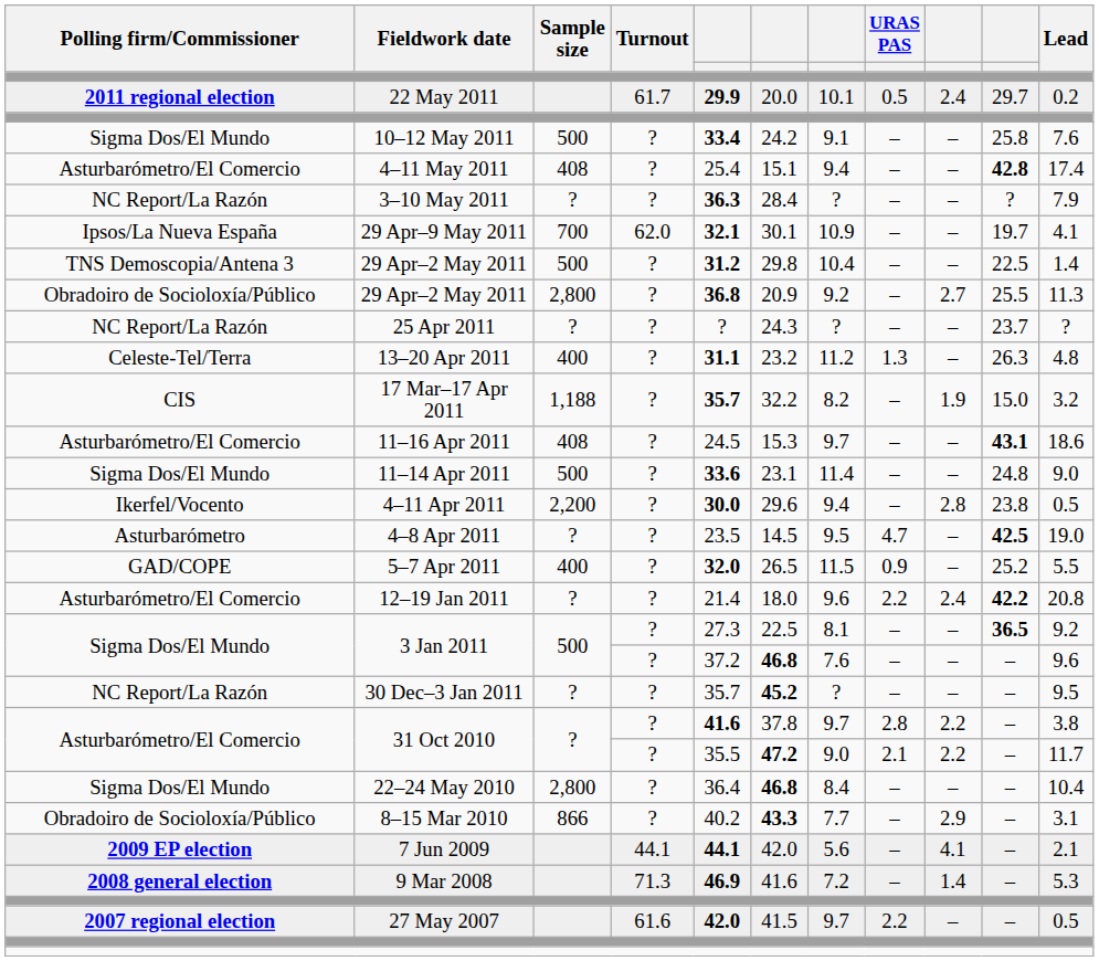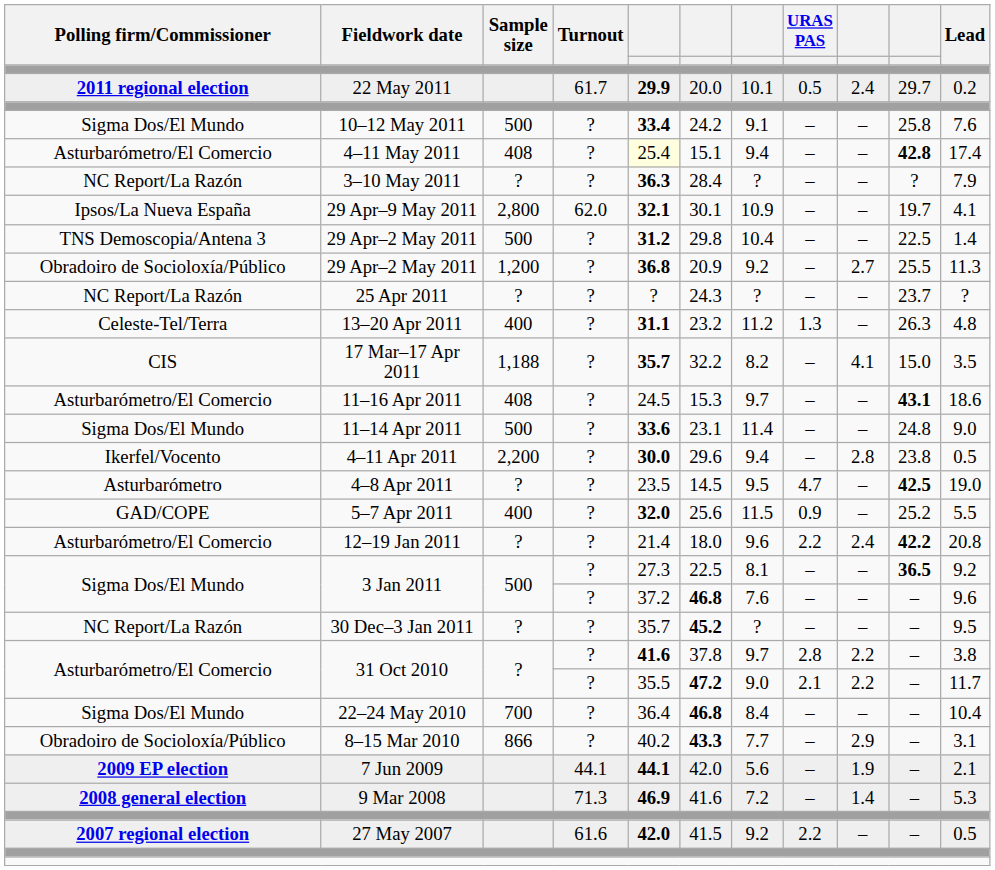 <table class="wikitable collapsible collapsed" style="text-align:center; font-size:95%; line-height:16px;">
 <tr style="height:42px;">
 <th style="width:250px;" rowspan="2">Polling firm/Commissioner</th>
 <th style="width:125px;" rowspan="2">Fieldwork date</th>
 <th style="width:50px;" rowspan="2">Sample size</th>
 <th style="width:45px;" rowspan="2">Turnout</th>
 <th style="width:35px;"></th>
 <th style="width:35px;"></th>
 <th style="width:35px;"></th>
 <th style="width:35px; font-size:90%;"><a href='#'>URAS</a><br><a href='#'>PAS</a></th>
 <th style="width:35px;"></th>
 <th style="width:35px;"></th>
 <th style="width:30px;" rowspan="2">Lead</th>
 </tr>
 <tr>
 <th style="color:inherit;background:"></th>
 <th style="color:inherit;background:"></th>
 <th style="color:inherit;background:"></th>
 <th style="color:inherit;background:"></th>
 <th style="color:inherit;background:"></th>
 <th style="color:inherit;background:"></th>
 </tr>
 <tr>
 <td colspan="11" style="background:#A0A0A0"></td>
 </tr>
 <tr style="background:#EFEFEF;">
 <td><strong><a href='#'>2011 regional election</a></strong></td>
 <td>22 May 2011</td>
 <td></td>
 <td>61.7</td>
 <td><strong>29.9</strong><br></td>
 <td>20.0<br></td>
 <td>10.1<br></td>
 <td>0.5<br></td>
 <td>2.4<br></td>
 <td>29.7<br></td>
 <td style="background:">0.2</td>
 </tr>
 <tr>
 <td colspan="11" style="background:#A0A0A0"></td>
 </tr>
 <tr>
 <td>Sigma Dos/El Mundo</td>
 <td>10–12 May 2011</td>
 <td>500</td>
 <td>?</td>
 <td><strong>33.4</strong><br></td>
 <td>24.2<br></td>
 <td>9.1<br></td>
 <td>–</td>
 <td>–</td>
 <td>25.8<br></td>
 <td style="background:">7.6</td>
 </tr>
 <tr>
 <td>Asturbarómetro/El Comercio</td>
 <td>4–11 May 2011</td>
 <td>408</td>
 <td>?</td>
-<td>25.4<br></td>
+<td style="background: lightyellow;">25.4<br></td>
 <td>15.1<br></td>
 <td>9.4<br></td>
 <td>–</td>
 <td>–</td>
 <td><strong>42.8</strong><br></td>
 <td style="background:">17.4</td>
 </tr>
 <tr>
 <td>NC Report/La Razón</td>
 <td>3–10 May 2011</td>
 <td>?</td>
 <td>?</td>
 <td><strong>36.3</strong><br></td>
 <td>28.4<br></td>
 <td>?<br></td>
 <td>–</td>
 <td>–</td>
 <td>?<br></td>
 <td style="background:">7.9</td>
 </tr>
 <tr>
 <td>Ipsos/La Nueva España</td>
 <td>29 Apr–9 May 2011</td>
-<td>700</td>
+<td>2,800</td>
 <td>62.0</td>
 <td><strong>32.1</strong><br></td>
 <td>30.1<br></td>
 <td>10.9<br></td>
 <td>–</td>
 <td>–</td>
 <td>19.7<br></td>
 <td style="background:">4.1</td>
 </tr>
 <tr>
 <td>TNS Demoscopia/Antena 3</td>
 <td>29 Apr–2 May 2011</td>
 <td>500</td>
 <td>?</td>
 <td><strong>31.2</strong><br></td>
 <td>29.8<br></td>
 <td>10.4<br></td>
 <td>–</td>
 <td>–</td>
 <td>22.5<br></td>
 <td style="background:">1.4</td>
 </tr>
 <tr>
 <td>Obradoiro de Socioloxía/Público</td>
 <td>29 Apr–2 May 2011</td>
-<td>2,800</td>
+<td>1,200</td>
 <td>?</td>
 <td><strong>36.8</strong><br></td>
 <td>20.9<br></td>
 <td>9.2<br></td>
 <td>–</td>
 <td>2.7<br></td>
 <td>25.5<br></td>
 <td style="background:">11.3</td>
 </tr>
 <tr>
 <td>NC Report/La Razón</td>
 <td>25 Apr 2011</td>
 <td>?</td>
 <td>?</td>
 <td>?<br></td>
 <td>24.3<br></td>
 <td>?<br></td>
 <td>–</td>
 <td>–</td>
 <td>23.7<br></td>
 <td style="background:">?</td>
 </tr>
 <tr>
 <td>Celeste-Tel/Terra</td>
 <td>13–20 Apr 2011</td>
 <td>400</td>
 <td>?</td>
 <td><strong>31.1</strong><br></td>
 <td>23.2<br></td>
 <td>11.2<br></td>
 <td>1.3<br></td>
 <td>–</td>
 <td>26.3<br></td>
 <td style="background:">4.8</td>
 </tr>
 <tr>
 <td>CIS</td>
 <td>17 Mar–17 Apr 2011</td>
 <td>1,188</td>
 <td>?</td>
 <td><strong>35.7</strong><br></td>
 <td>32.2<br></td>
 <td>8.2<br></td>
 <td>–</td>
-<td>1.9<br></td>
+<td>4.1<br></td>
 <td>15.0<br></td>
-<td style="background:">3.2</td>
+<td style="background:">3.5</td>
 </tr>
 <tr>
 <td>Asturbarómetro/El Comercio</td>
 <td>11–16 Apr 2011</td>
 <td>408</td>
 <td>?</td>
 <td>24.5<br></td>
 <td>15.3<br></td>
 <td>9.7<br></td>
 <td>–</td>
 <td>–</td>
 <td><strong>43.1</strong><br></td>
 <td style="background:">18.6</td>
 </tr>
 <tr>
 <td>Sigma Dos/El Mundo</td>
 <td>11–14 Apr 2011</td>
 <td>500</td>
 <td>?</td>
 <td><strong>33.6</strong><br></td>
 <td>23.1<br></td>
 <td>11.4<br></td>
 <td>–</td>
 <td>–</td>
 <td>24.8<br></td>
 <td style="background:">9.0</td>
 </tr>
 <tr>
 <td>Ikerfel/Vocento</td>
 <td>4–11 Apr 2011</td>
 <td>2,200</td>
 <td>?</td>
 <td><strong>30.0</strong><br></td>
 <td>29.6<br></td>
 <td>9.4<br></td>
 <td>–</td>
 <td>2.8<br></td>
 <td>23.8<br></td>
 <td style="background:">0.5</td>
 </tr>
 <tr>
 <td>Asturbarómetro</td>
 <td>4–8 Apr 2011</td>
 <td>?</td>
 <td>?</td>
 <td>23.5<br></td>
 <td>14.5<br></td>
 <td>9.5<br></td>
 <td>4.7<br></td>
 <td>–</td>
 <td><strong>42.5</strong><br></td>
 <td style="background:">19.0</td>
 </tr>
 <tr>
 <td>GAD/COPE</td>
 <td>5–7 Apr 2011</td>
 <td>400</td>
 <td>?</td>
 <td><strong>32.0</strong><br></td>
-<td>26.5<br></td>
+<td>25.6<br></td>
 <td>11.5<br></td>
 <td>0.9<br></td>
 <td>–</td>
 <td>25.2<br></td>
 <td style="background:">5.5</td>
 </tr>
 <tr>
 <td>Asturbarómetro/El Comercio</td>
 <td>12–19 Jan 2011</td>
 <td>?</td>
 <td>?</td>
 <td>21.4</td>
 <td>18.0</td>
 <td>9.6</td>
 <td>2.2</td>
 <td>2.4</td>
 <td><strong>42.2</strong></td>
 <td style="background:">20.8</td>
 </tr>
 <tr>
 <td rowspan="2">Sigma Dos/El Mundo</td>
 <td rowspan="2">3 Jan 2011</td>
 <td rowspan="2">500</td>
 <td>?</td>
 <td>27.3<br></td>
 <td>22.5<br></td>
 <td>8.1<br></td>
 <td>–</td>
 <td>–</td>
 <td><strong>36.5</strong><br></td>
 <td style="background:">9.2</td>
 </tr>
 <tr>
 <td>?</td>
 <td>37.2<br></td>
 <td><strong>46.8</strong><br></td>
 <td>7.6<br></td>
 <td>–</td>
 <td>–</td>
 <td>–</td>
 <td style="background:">9.6</td>
 </tr>
 <tr>
 <td>NC Report/La Razón</td>
 <td>30 Dec–3 Jan 2011</td>
 <td>?</td>
 <td>?</td>
 <td>35.7<br></td>
 <td><strong>45.2</strong><br></td>
 <td>?<br></td>
 <td>–</td>
 <td>–</td>
 <td>–</td>
 <td style="background:">9.5</td>
 </tr>
 <tr>
 <td rowspan="2">Asturbarómetro/El Comercio</td>
 <td rowspan="2">31 Oct 2010</td>
 <td rowspan="2">?</td>
 <td>?</td>
 <td><strong>41.6</strong></td>
 <td>37.8</td>
 <td>9.7</td>
 <td>2.8</td>
 <td>2.2</td>
 <td>–</td>
 <td style="background:">3.8</td>
 </tr>
 <tr>
 <td>?</td>
 <td>35.5</td>
 <td><strong>47.2</strong></td>
 <td>9.0</td>
 <td>2.1</td>
 <td>2.2</td>
 <td>–</td>
 <td style="background:">11.7</td>
 </tr>
 <tr>
 <td>Sigma Dos/El Mundo</td>
 <td>22–24 May 2010</td>
-<td>2,800</td>
+<td>700</td>
 <td>?</td>
 <td>36.4<br></td>
 <td><strong>46.8</strong><br></td>
 <td>8.4<br></td>
 <td>–</td>
 <td>–</td>
 <td>–</td>
 <td style="background:">10.4</td>
 </tr>
 <tr>
 <td>Obradoiro de Socioloxía/Público</td>
 <td>8–15 Mar 2010</td>
 <td>866</td>
 <td>?</td>
 <td>40.2<br></td>
 <td><strong>43.3</strong><br></td>
 <td>7.7<br></td>
 <td>–</td>
 <td>2.9<br></td>
 <td>–</td>
 <td style="background:">3.1</td>
 </tr>
 <tr style="background:#EFEFEF;">
 <td><strong><a href='#'>2009 EP election</a></strong></td>
 <td>7 Jun 2009</td>
 <td></td>
 <td>44.1</td>
 <td><strong>44.1</strong><br></td>
 <td>42.0<br></td>
 <td>5.6<br></td>
 <td>–</td>
-<td>4.1<br></td>
+<td>1.9<br></td>
 <td>–</td>
 <td style="background:">2.1</td>
 </tr>
 <tr style="background:#EFEFEF;">
 <td><strong><a href='#'>2008 general election</a></strong></td>
 <td>9 Mar 2008</td>
 <td></td>
 <td>71.3</td>
 <td><strong>46.9</strong><br></td>
 <td>41.6<br></td>
 <td>7.2<br></td>
 <td>–</td>
 <td>1.4<br></td>
 <td>–</td>
 <td style="background:">5.3</td>
 </tr>
 <tr>
 <td colspan="11" style="background:#A0A0A0"></td>
 </tr>
 <tr style="background:#EFEFEF;">
 <td><strong><a href='#'>2007 regional election</a></strong></td>
 <td>27 May 2007</td>
 <td></td>
 <td>61.6</td>
 <td><strong>42.0</strong><br></td>
 <td>41.5<br></td>
-<td>9.7<br></td>
+<td>9.2<br></td>
 <td>2.2<br></td>
 <td>–</td>
 <td>–</td>
 <td style="background:">0.5</td>
 </tr>
 <tr>
 <td colspan="11" style="background:#A0A0A0"></td>
 </tr>
 <tr>
 <td colspan="11"></td>
 </tr>
 </table>
